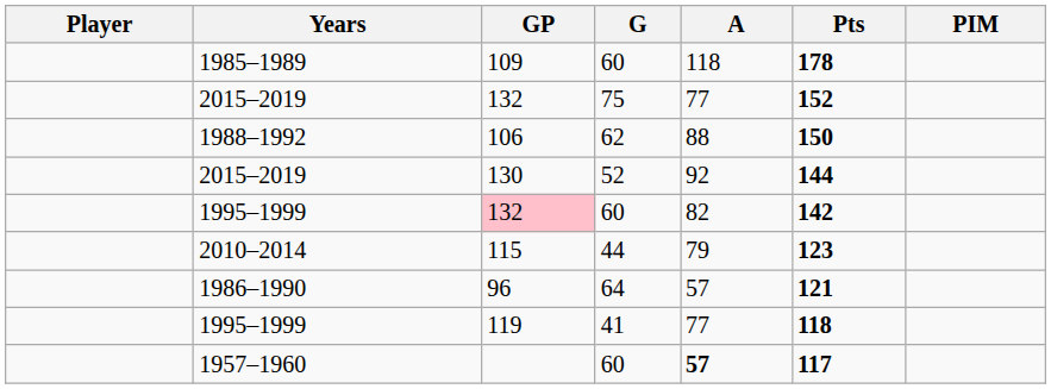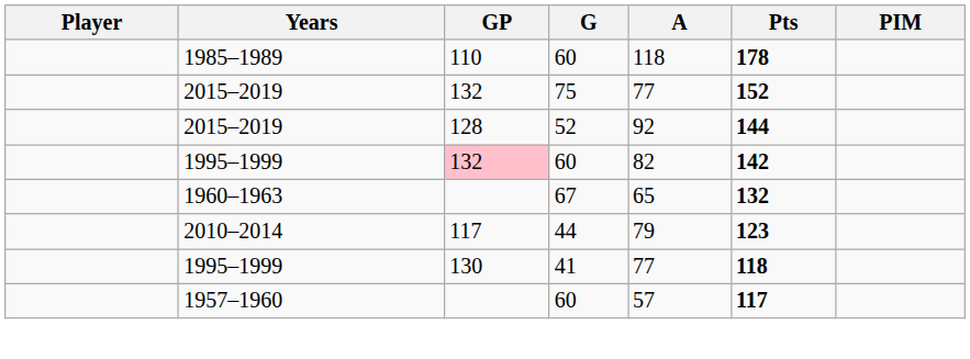 <table class="wikitable sortable" width ="700" cellpadding="1" border="1" cellspacing="0">
 <tr>
 <th>Player</th>
 <th>Years</th>
 <th>GP</th>
 <th>G</th>
 <th>A</th>
 <th>Pts</th>
 <th>PIM</th>
 </tr>
 <tr>
 <td></td>
 <td>1985–1989</td>
-<td>109</td>
+<td>110</td>
 <td>60</td>
 <td>118</td>
 <td><strong>178</strong></td>
 <td></td>
 </tr>
 <tr>
 <td></td>
 <td>2015–2019</td>
 <td>132</td>
 <td>75</td>
 <td>77</td>
 <td><strong>152</strong></td>
 <td></td>
 </tr>
 <tr>
 <td></td>
-<td>1988–1992</td>
-<td>106</td>
-<td>62</td>
-<td>88</td>
-<td><strong>150</strong></td>
-<td></td>
-</tr>
-<tr>
-<td></td>
 <td>2015–2019</td>
-<td>130</td>
+<td>128</td>
 <td>52</td>
 <td>92</td>
 <td><strong>144</strong></td>
 <td></td>
 </tr>
 <tr>
 <td></td>
 <td>1995–1999</td>
 <td style="background: pink;">132</td>
 <td>60</td>
 <td>82</td>
 <td><strong>142</strong></td>
 <td></td>
 </tr>
 <tr>
 <td></td>
+<td>1960–1963</td>
+<td></td>
+<td>67</td>
+<td>65</td>
+<td><strong>132</strong></td>
+<td></td>
+</tr>
+<tr>
+<td></td>
 <td>2010–2014</td>
-<td>115</td>
+<td>117</td>
 <td>44</td>
 <td>79</td>
 <td><strong>123</strong></td>
 <td></td>
 </tr>
 <tr>
 <td></td>
-<td>1986–1990</td>
-<td>96</td>
-<td>64</td>
-<td>57</td>
-<td><strong>121</strong></td>
-<td></td>
-</tr>
-<tr>
-<td></td>
 <td>1995–1999</td>
-<td>119</td>
+<td>130</td>
 <td>41</td>
 <td>77</td>
 <td><strong>118</strong></td>
 <td></td>
 </tr>
 <tr>
 <td></td>
 <td>1957–1960</td>
 <td></td>
 <td>60</td>
-<td><strong>57</strong></td>
+<td>57</td>
 <td><strong>117</strong></td>
 <td></td>
 </tr>
 </table>
